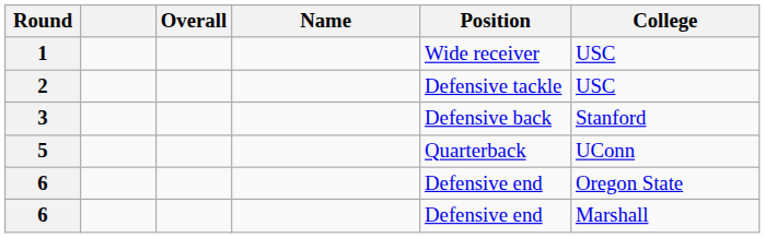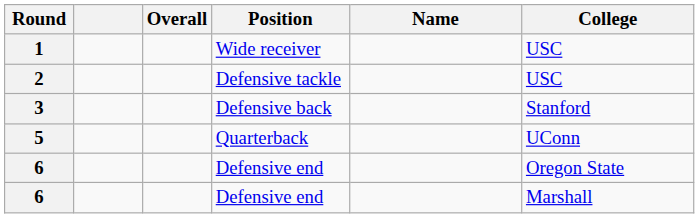 <table class="wikitable sortable">
 <tr>
 <th scope="col" style="width: 10%;">Round</th>
 <th scope="col" style="width: 10%;"></th>
 <th scope="col" style="width: 10%;">Overall</th>
+<th scope="col" style="width: 20%;">Position</th>
 <th scope="col" style="width: 25%;">Name</th>
-<th scope="col" style="width: 20%;">Position</th>
 <th scope="col" style="width: 25%;">College</th>
 </tr>
 <tr>
 <th scope="row">1</th>
 <td></td>
 <td></td>
+<td><a href='#'>Wide receiver</a></td>
 <td></td>
-<td><a href='#'>Wide receiver</a></td>
 <td><a href='#'>USC</a></td>
 </tr>
 <tr>
 <th scope="row">2</th>
 <td></td>
 <td></td>
+<td><a href='#'>Defensive tackle</a></td>
 <td></td>
-<td><a href='#'>Defensive tackle</a></td>
 <td><a href='#'>USC</a></td>
 </tr>
 <tr>
 <th scope="row">3</th>
 <td></td>
 <td></td>
+<td><a href='#'>Defensive back</a></td>
 <td></td>
-<td><a href='#'>Defensive back</a></td>
 <td><a href='#'>Stanford</a></td>
 </tr>
 <tr>
 <th scope="row">5</th>
 <td></td>
 <td></td>
+<td><a href='#'>Quarterback</a></td>
 <td></td>
-<td><a href='#'>Quarterback</a></td>
 <td><a href='#'>UConn</a></td>
 </tr>
 <tr>
 <th scope="row">6</th>
 <td></td>
 <td></td>
+<td><a href='#'>Defensive end</a></td>
 <td></td>
-<td><a href='#'>Defensive end</a></td>
 <td><a href='#'>Oregon State</a></td>
 </tr>
 <tr>
 <th scope="row">6</th>
 <td></td>
 <td></td>
+<td><a href='#'>Defensive end</a></td>
 <td></td>
-<td><a href='#'>Defensive end</a></td>
 <td><a href='#'>Marshall</a></td>
 </tr>
 </table>
